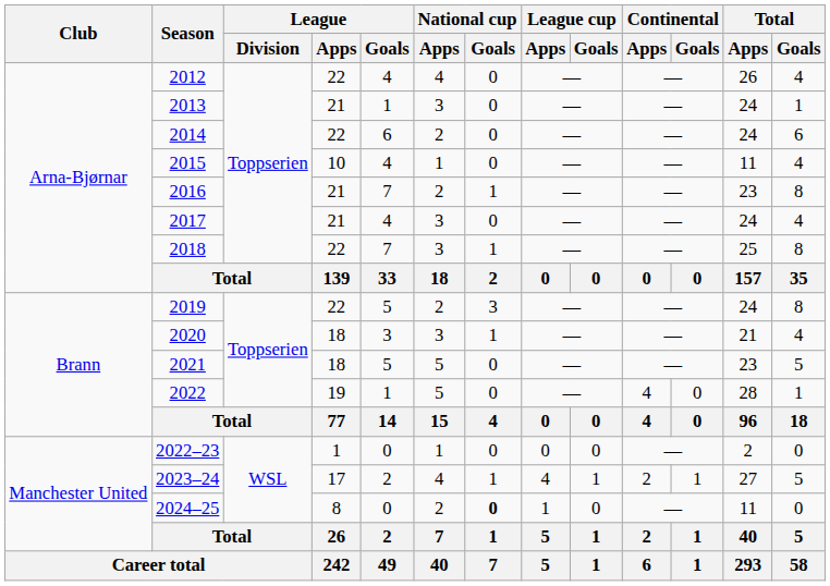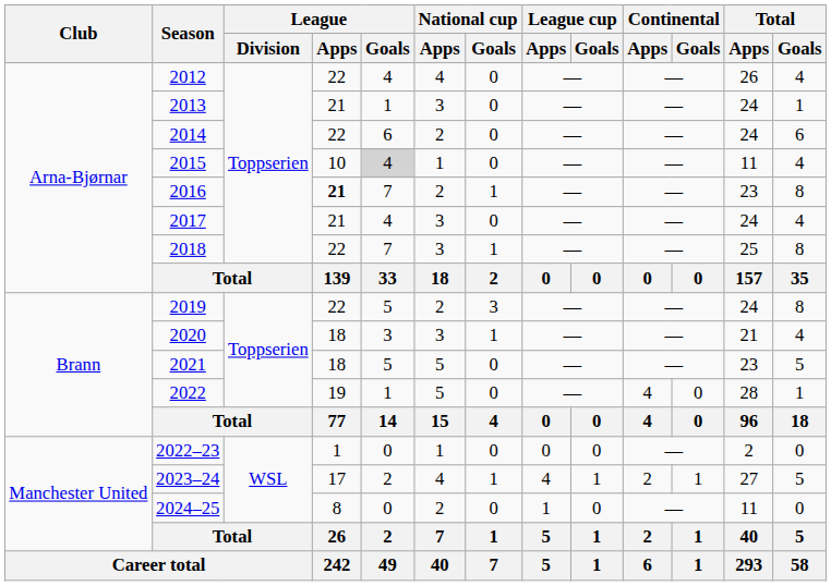 <table class="wikitable" style="text-align:center">
 <tr>
 <th rowspan="2">Club</th>
 <th rowspan="2">Season</th>
 <th colspan="3">League</th>
 <th colspan="2">National cup</th>
 <th colspan="2">League cup</th>
 <th colspan="2">Continental</th>
 <th colspan="2">Total</th>
 </tr>
 <tr>
 <th>Division</th>
 <th>Apps</th>
 <th>Goals</th>
 <th>Apps</th>
 <th>Goals</th>
 <th>Apps</th>
 <th>Goals</th>
 <th>Apps</th>
 <th>Goals</th>
 <th>Apps</th>
 <th>Goals</th>
 </tr>
 <tr>
 <td rowspan="8"><a href='#'>Arna-Bjørnar</a></td>
 <td><a href='#'>2012</a></td>
 <td rowspan="7"><a href='#'>Toppserien</a></td>
 <td>22</td>
 <td>4</td>
 <td>4</td>
 <td>0</td>
 <td colspan="2">—</td>
 <td colspan="2">—</td>
 <td>26</td>
 <td>4</td>
 </tr>
 <tr>
 <td><a href='#'>2013</a></td>
 <td>21</td>
 <td>1</td>
 <td>3</td>
 <td>0</td>
 <td colspan="2">—</td>
 <td colspan="2">—</td>
 <td>24</td>
 <td>1</td>
 </tr>
 <tr>
 <td><a href='#'>2014</a></td>
 <td>22</td>
 <td>6</td>
 <td>2</td>
 <td>0</td>
 <td colspan="2">—</td>
 <td colspan="2">—</td>
 <td>24</td>
 <td>6</td>
 </tr>
 <tr>
 <td><a href='#'>2015</a></td>
 <td>10</td>
-<td>4</td>
+<td style="background: lightgrey;">4</td>
 <td>1</td>
 <td>0</td>
 <td colspan="2">—</td>
 <td colspan="2">—</td>
 <td>11</td>
 <td>4</td>
 </tr>
 <tr>
 <td><a href='#'>2016</a></td>
-<td>21</td>
+<td><strong>21</strong></td>
 <td>7</td>
 <td>2</td>
 <td>1</td>
 <td colspan="2">—</td>
 <td colspan="2">—</td>
 <td>23</td>
 <td>8</td>
 </tr>
 <tr>
 <td><a href='#'>2017</a></td>
 <td>21</td>
 <td>4</td>
 <td>3</td>
 <td>0</td>
 <td colspan="2">—</td>
 <td colspan="2">—</td>
 <td>24</td>
 <td>4</td>
 </tr>
 <tr>
 <td><a href='#'>2018</a></td>
 <td>22</td>
 <td>7</td>
 <td>3</td>
 <td>1</td>
 <td colspan="2">—</td>
 <td colspan="2">—</td>
 <td>25</td>
 <td>8</td>
 </tr>
 <tr>
 <th colspan="2">Total</th>
 <th>139</th>
 <th>33</th>
 <th>18</th>
 <th>2</th>
 <th>0</th>
 <th>0</th>
 <th>0</th>
 <th>0</th>
 <th>157</th>
 <th>35</th>
 </tr>
 <tr>
 <td rowspan="5"><a href='#'>Brann</a></td>
 <td><a href='#'>2019</a></td>
 <td rowspan="4"><a href='#'>Toppserien</a></td>
 <td>22</td>
 <td>5</td>
 <td>2</td>
 <td>3</td>
 <td colspan="2">—</td>
 <td colspan="2">—</td>
 <td>24</td>
 <td>8</td>
 </tr>
 <tr>
 <td><a href='#'>2020</a></td>
 <td>18</td>
 <td>3</td>
 <td>3</td>
 <td>1</td>
 <td colspan="2">—</td>
 <td colspan="2">—</td>
 <td>21</td>
 <td>4</td>
 </tr>
 <tr>
 <td><a href='#'>2021</a></td>
 <td>18</td>
 <td>5</td>
 <td>5</td>
 <td>0</td>
 <td colspan="2">—</td>
 <td colspan="2">—</td>
 <td>23</td>
 <td>5</td>
 </tr>
 <tr>
 <td><a href='#'>2022</a></td>
 <td>19</td>
 <td>1</td>
 <td>5</td>
 <td>0</td>
 <td colspan="2">—</td>
 <td>4</td>
 <td>0</td>
 <td>28</td>
 <td>1</td>
 </tr>
 <tr>
 <th colspan="2">Total</th>
 <th>77</th>
 <th>14</th>
 <th>15</th>
 <th>4</th>
 <th>0</th>
 <th>0</th>
 <th>4</th>
 <th>0</th>
 <th>96</th>
 <th>18</th>
 </tr>
 <tr>
 <td rowspan="4"><a href='#'>Manchester United</a></td>
 <td><a href='#'>2022–23</a></td>
 <td rowspan="3"><a href='#'>WSL</a></td>
 <td>1</td>
 <td>0</td>
 <td>1</td>
 <td>0</td>
 <td>0</td>
 <td>0</td>
 <td colspan="2">—</td>
 <td>2</td>
 <td>0</td>
 </tr>
 <tr>
 <td><a href='#'>2023–24</a></td>
 <td>17</td>
 <td>2</td>
 <td>4</td>
 <td>1</td>
 <td>4</td>
 <td>1</td>
 <td>2</td>
 <td>1</td>
 <td>27</td>
 <td>5</td>
 </tr>
 <tr>
 <td><a href='#'>2024–25</a></td>
 <td>8</td>
 <td>0</td>
 <td>2</td>
-<td><strong>0</strong></td>
+<td>0</td>
 <td>1</td>
 <td>0</td>
 <td colspan="2">—</td>
 <td>11</td>
 <td>0</td>
 </tr>
 <tr>
 <th colspan="2">Total</th>
 <th>26</th>
 <th>2</th>
 <th>7</th>
 <th>1</th>
 <th>5</th>
 <th>1</th>
 <th>2</th>
 <th>1</th>
 <th>40</th>
 <th>5</th>
 </tr>
 <tr>
 <th colspan="3">Career total</th>
 <th>242</th>
 <th>49</th>
 <th>40</th>
 <th>7</th>
 <th>5</th>
 <th>1</th>
 <th>6</th>
 <th>1</th>
 <th>293</th>
 <th>58</th>
 </tr>
 </table>
